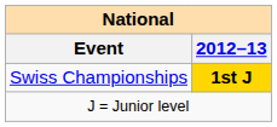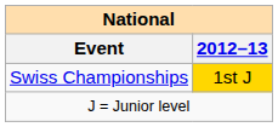 <table class="wikitable" style="text-align:center">
 <tr>
 <th style="background-color: #ffdead; " colspan=2 align=center>National</th>
 </tr>
 <tr>
 <th>Event</th>
 <th><a href='#'>2012–13</a></th>
 </tr>
 <tr>
 <td align=left><a href='#'>Swiss Championships</a></td>
-<td bgcolor=gold><strong>1st J</strong></td>
+<td bgcolor=gold>1st J</td>
 </tr>
 <tr>
 <td colspan=2 align=center><small> J = Junior level </small></td>
 </tr>
 </table>
